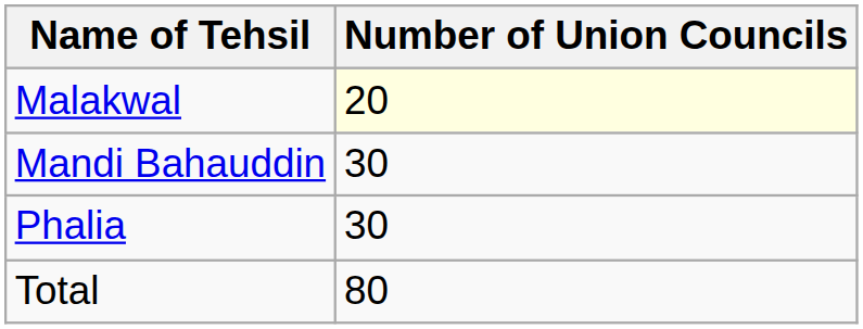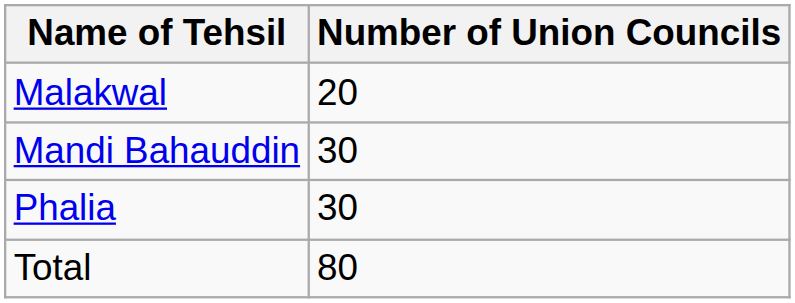 <table class="wikitable">
 <tr>
 <th>Name of Tehsil</th>
 <th>Number of Union Councils</th>
 </tr>
 <tr>
 <td><a href='#'>Malakwal</a></td>
-<td style="background: lightyellow;">20</td>
+<td>20</td>
 </tr>
 <tr>
 <td><a href='#'>Mandi Bahauddin</a></td>
 <td>30</td>
 </tr>
 <tr>
 <td><a href='#'>Phalia</a></td>
 <td>30</td>
 </tr>
 <tr>
 <td>Total</td>
 <td>80</td>
 </tr>
 </table>
